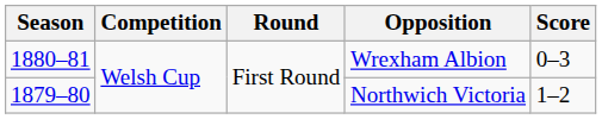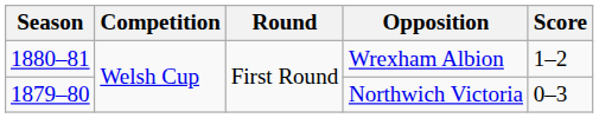 <table class="wikitable">
 <tr>
 <th>Season</th>
 <th>Competition</th>
 <th>Round</th>
 <th>Opposition</th>
 <th>Score</th>
 </tr>
 <tr>
 <td><a href='#'>1880–81</a></td>
 <td rowspan="2"><a href='#'>Welsh Cup</a></td>
 <td rowspan="2">First Round</td>
 <td><a href='#'>Wrexham Albion</a></td>
-<td>0–3</td>
+<td>1–2</td>
 </tr>
 <tr>
 <td><a href='#'>1879–80</a></td>
 <td><a href='#'>Northwich Victoria</a></td>
-<td>1–2</td>
+<td>0–3</td>
 </tr>
 </table>
